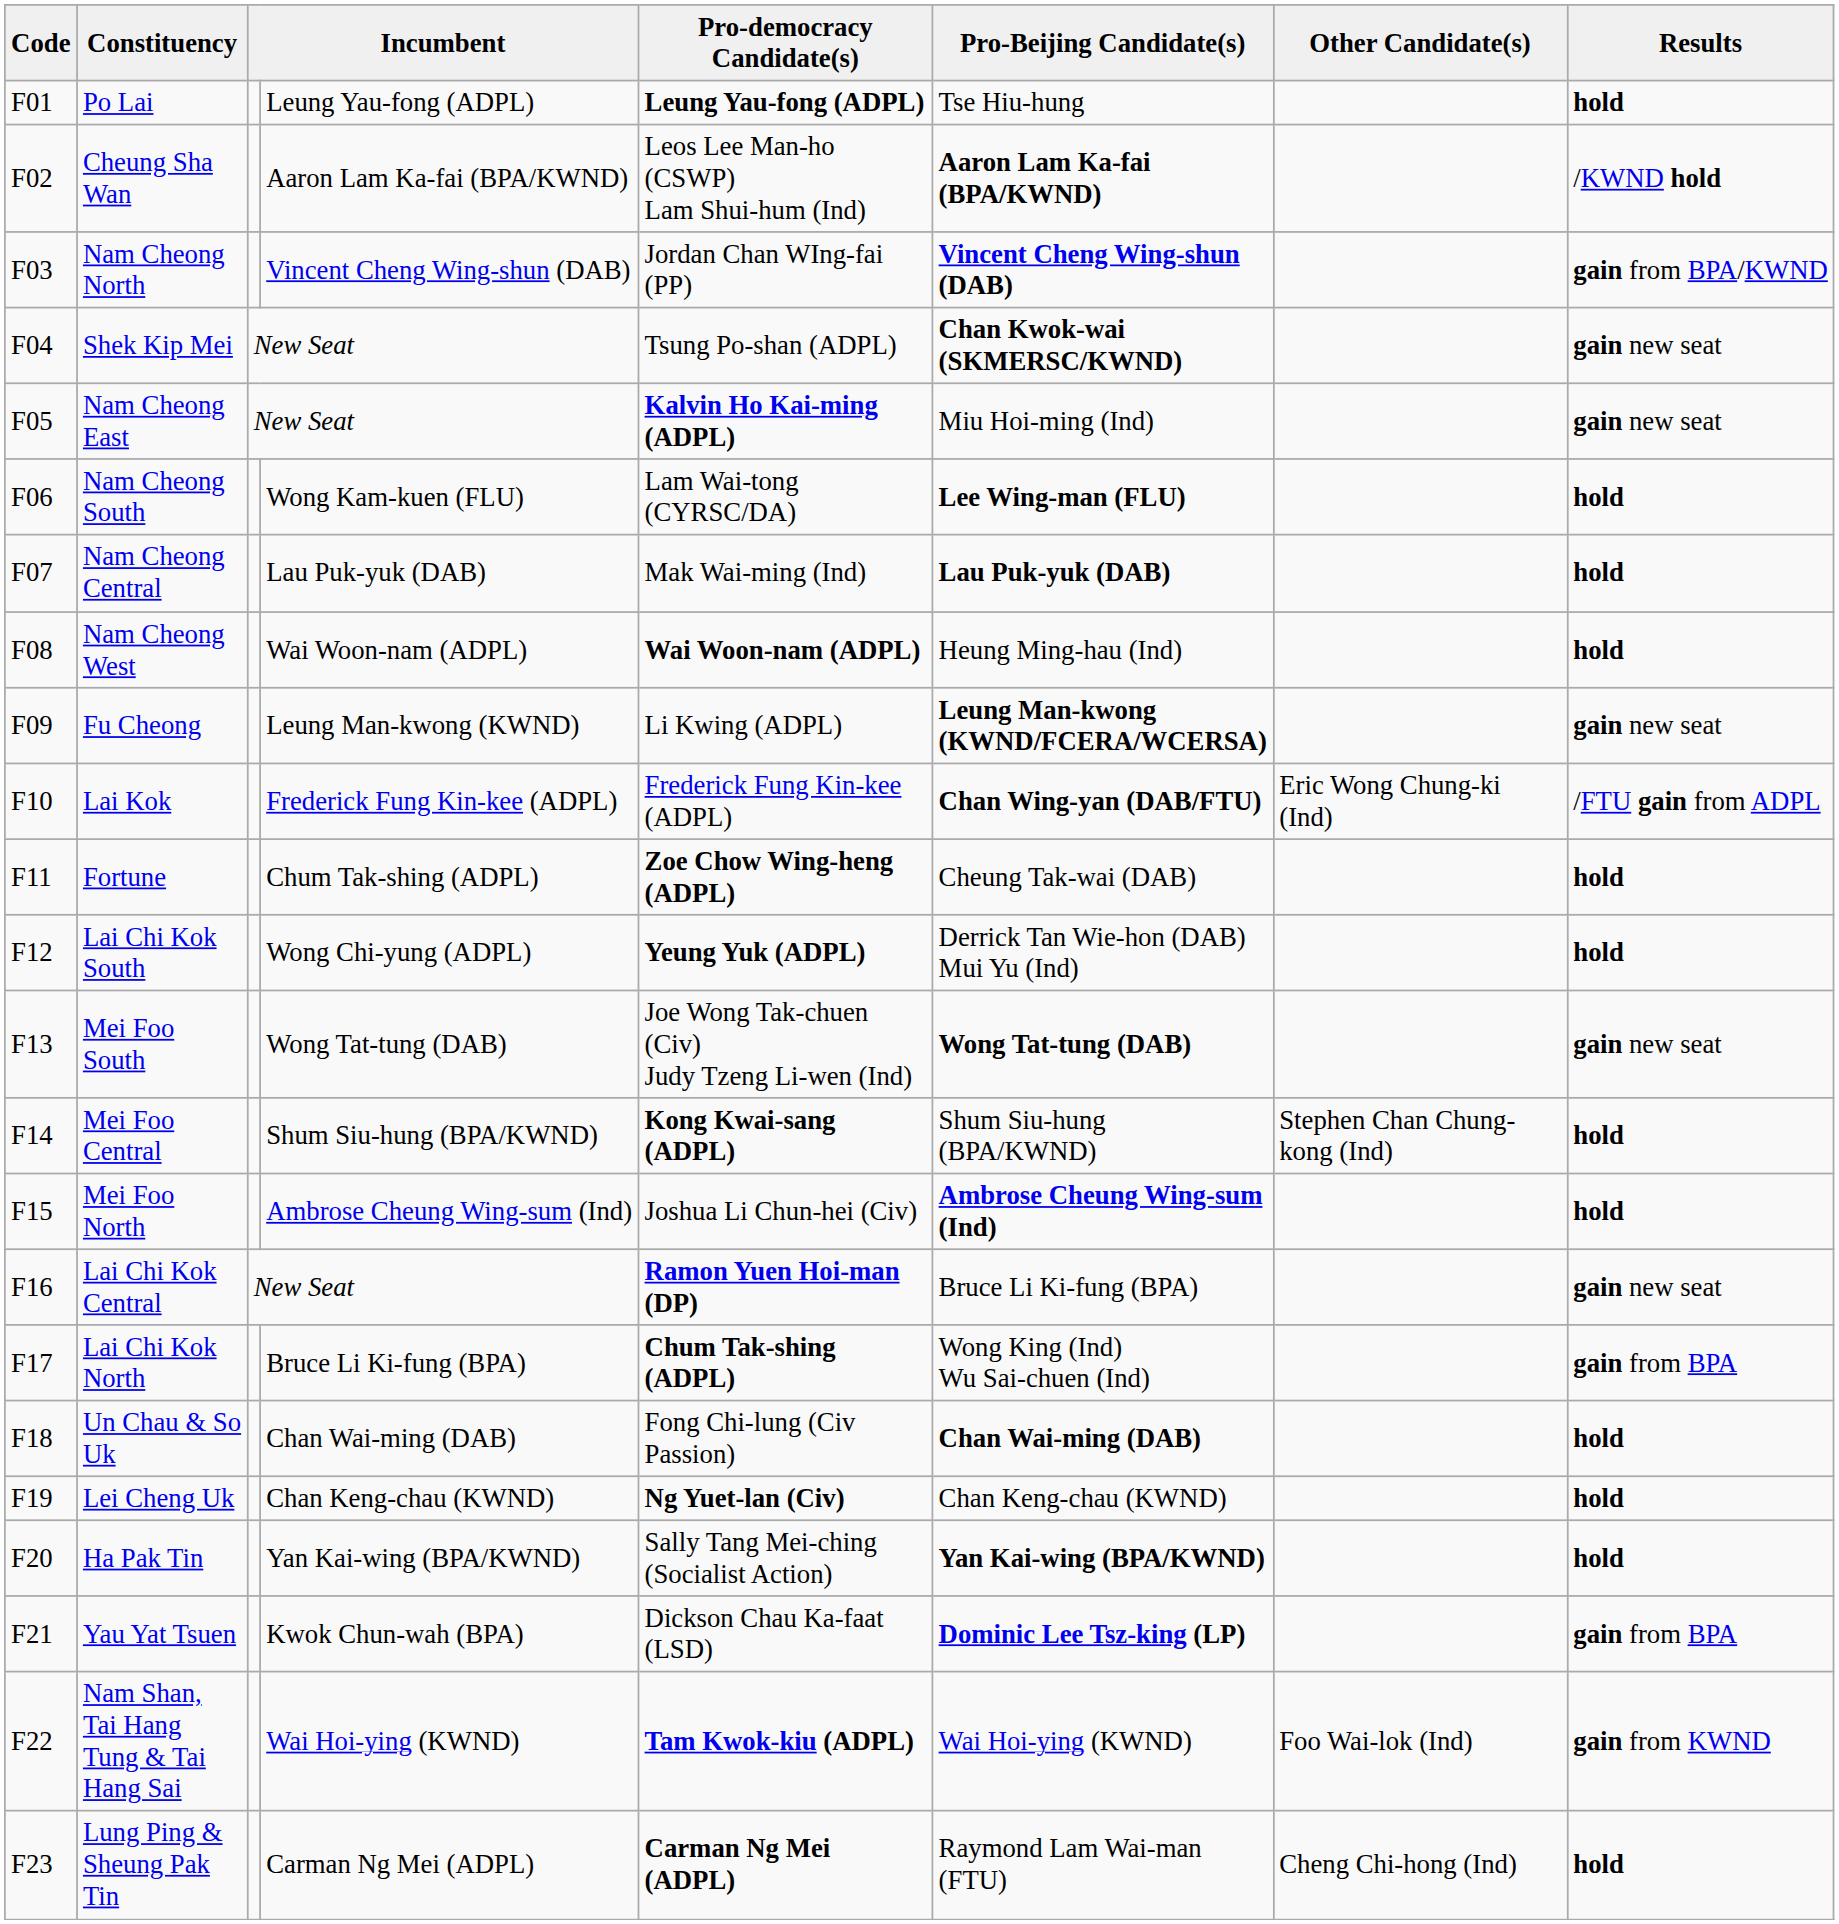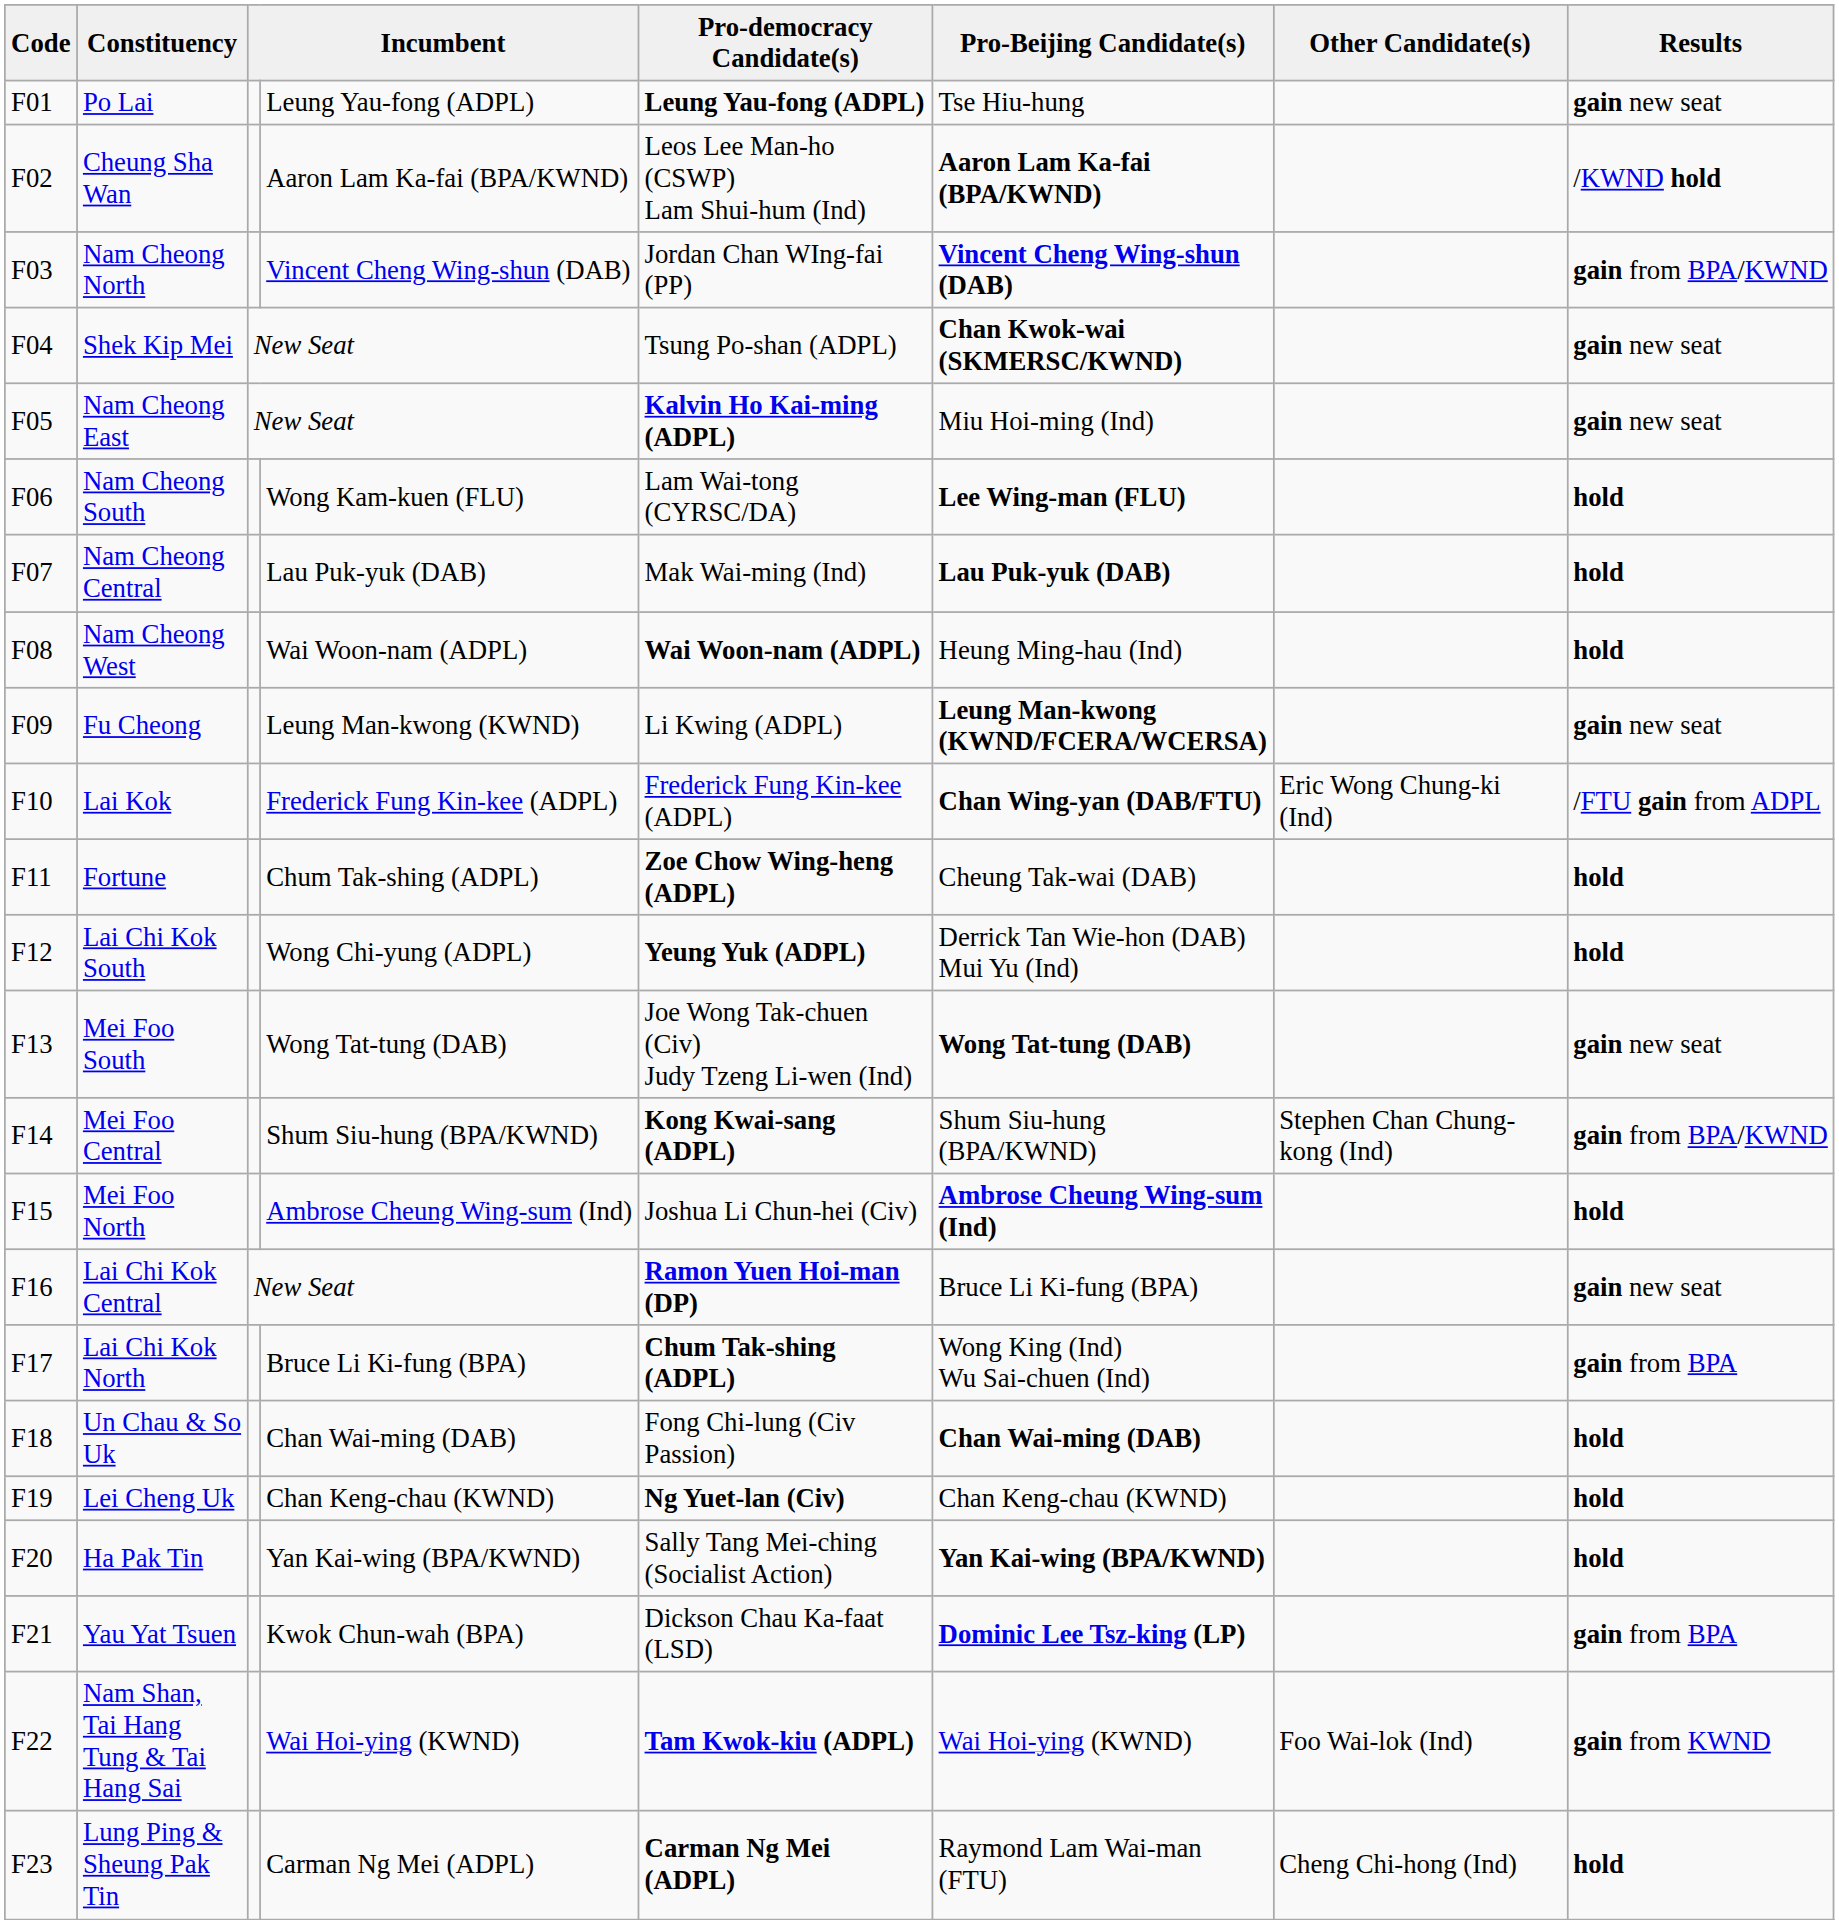 <table class="wikitable sortable" style="font-size: 95%;">
 <tr>
 <th align="center" style="background:#f0f0f0;" width="20px"><strong>Code</strong></th>
 <th align="center" style="background:#f0f0f0;" width="90px"><strong>Constituency</strong></th>
 <th align="center" style="background:#f0f0f0;" width="120px" colspan=2><strong>Incumbent</strong></th>
 <th align="center" style="background:#f0f0f0;" width="160px"><strong>Pro-democracy Candidate(s)</strong></th>
 <th align="center" style="background:#f0f0f0;" width="160px"><strong>Pro-Beijing Candidate(s)</strong></th>
 <th align="center" style="background:#f0f0f0;" width="160px"><strong>Other Candidate(s)</strong></th>
 <th align="center" style="background:#f0f0f0;" width="100px" colspan="2"><strong>Results</strong></th>
 </tr>
 <tr>
 <td>F01</td>
 <td><a href='#'>Po Lai</a></td>
 <td></td>
 <td>Leung Yau-fong (ADPL)</td>
 <td><strong>Leung Yau-fong (ADPL)</strong></td>
 <td>Tse Hiu-hung</td>
 <td></td>
-<td> <strong>hold</strong></td>
+<td> <strong>gain</strong> new seat</td>
 </tr>
 <tr>
 <td>F02</td>
 <td><a href='#'>Cheung Sha Wan</a></td>
 <td></td>
 <td>Aaron Lam Ka-fai (BPA/KWND)</td>
 <td>Leos Lee Man-ho (CSWP)<br>Lam Shui-hum (Ind)</td>
 <td><strong>Aaron Lam Ka-fai (BPA/KWND)</strong></td>
 <td></td>
 <td>/<a href='#'>KWND</a> <strong>hold</strong></td>
 </tr>
 <tr>
 <td>F03</td>
 <td><a href='#'>Nam Cheong North</a></td>
 <td></td>
 <td><a href='#'>Vincent Cheng Wing-shun</a> (DAB)</td>
 <td>Jordan Chan WIng-fai (PP)</td>
 <td><strong><a href='#'>Vincent Cheng Wing-shun</a> (DAB)</strong></td>
 <td></td>
 <td> <strong>gain</strong> from <a href='#'>BPA</a>/<a href='#'>KWND</a></td>
 </tr>
 <tr>
 <td>F04</td>
 <td><a href='#'>Shek Kip Mei</a></td>
 <td colspan=2><em>New Seat</em></td>
 <td>Tsung Po-shan (ADPL)</td>
 <td><strong>Chan Kwok-wai (SKMERSC/KWND)</strong></td>
 <td></td>
 <td> <strong>gain</strong> new seat</td>
 </tr>
 <tr>
 <td>F05</td>
 <td><a href='#'>Nam Cheong East</a></td>
 <td colspan=2><em>New Seat</em></td>
 <td><strong><a href='#'>Kalvin Ho Kai-ming</a> (ADPL)</strong></td>
 <td>Miu Hoi-ming (Ind)</td>
 <td></td>
 <td> <strong>gain</strong> new seat</td>
 </tr>
 <tr>
 <td>F06</td>
 <td><a href='#'>Nam Cheong South</a></td>
 <td></td>
 <td>Wong Kam-kuen (FLU)</td>
 <td>Lam Wai-tong (CYRSC/DA)</td>
 <td><strong>Lee Wing-man (FLU)</strong></td>
 <td></td>
 <td> <strong>hold</strong></td>
 </tr>
 <tr>
 <td>F07</td>
 <td><a href='#'>Nam Cheong Central</a></td>
 <td></td>
 <td>Lau Puk-yuk (DAB)</td>
 <td>Mak Wai-ming (Ind)</td>
 <td><strong>Lau Puk-yuk (DAB)</strong></td>
 <td></td>
 <td> <strong>hold</strong></td>
 </tr>
 <tr>
 <td>F08</td>
 <td><a href='#'>Nam Cheong West</a></td>
 <td></td>
 <td>Wai Woon-nam (ADPL)</td>
 <td><strong>Wai Woon-nam (ADPL)</strong></td>
 <td>Heung Ming-hau (Ind)</td>
 <td></td>
 <td> <strong>hold</strong></td>
 </tr>
 <tr>
 <td>F09</td>
 <td><a href='#'>Fu Cheong</a></td>
 <td></td>
 <td>Leung Man-kwong (KWND)</td>
 <td>Li Kwing (ADPL)</td>
 <td><strong>Leung Man-kwong (KWND/FCERA/WCERSA)</strong></td>
 <td></td>
 <td> <strong>gain</strong> new seat</td>
 </tr>
 <tr>
 <td>F10</td>
 <td><a href='#'>Lai Kok</a></td>
 <td></td>
 <td><a href='#'>Frederick Fung Kin-kee</a> (ADPL)</td>
 <td><a href='#'>Frederick Fung Kin-kee</a> (ADPL)</td>
 <td><strong>Chan Wing-yan (DAB/FTU)</strong></td>
 <td>Eric Wong Chung-ki (Ind)</td>
 <td>/<a href='#'>FTU</a> <strong>gain</strong> from <a href='#'>ADPL</a></td>
 </tr>
 <tr>
 <td>F11</td>
 <td><a href='#'>Fortune</a></td>
 <td></td>
 <td>Chum Tak-shing (ADPL)</td>
 <td><strong>Zoe Chow Wing-heng (ADPL)</strong></td>
 <td>Cheung Tak-wai (DAB)</td>
 <td></td>
 <td> <strong>hold</strong></td>
 </tr>
 <tr>
 <td>F12</td>
 <td><a href='#'>Lai Chi Kok South</a></td>
 <td></td>
 <td>Wong Chi-yung (ADPL)</td>
 <td><strong>Yeung Yuk (ADPL)</strong></td>
 <td>Derrick Tan Wie-hon (DAB)<br>Mui Yu (Ind)</td>
 <td></td>
 <td> <strong>hold</strong></td>
 </tr>
 <tr>
 <td>F13</td>
 <td><a href='#'>Mei Foo South</a></td>
 <td></td>
 <td>Wong Tat-tung (DAB)</td>
 <td>Joe Wong Tak-chuen (Civ)<br>Judy Tzeng Li-wen (Ind)</td>
 <td><strong>Wong Tat-tung (DAB)</strong></td>
 <td></td>
 <td> <strong>gain</strong> new seat</td>
 </tr>
 <tr>
 <td>F14</td>
 <td><a href='#'>Mei Foo Central</a></td>
 <td></td>
 <td>Shum Siu-hung (BPA/KWND)</td>
 <td><strong>Kong Kwai-sang (ADPL)</strong></td>
 <td>Shum Siu-hung (BPA/KWND)</td>
 <td>Stephen Chan Chung-kong (Ind)</td>
-<td> <strong>hold</strong></td>
+<td> <strong>gain</strong> from <a href='#'>BPA</a>/<a href='#'>KWND</a></td>
 </tr>
 <tr>
 <td>F15</td>
 <td><a href='#'>Mei Foo North</a></td>
 <td></td>
 <td><a href='#'>Ambrose Cheung Wing-sum</a> (Ind)</td>
 <td>Joshua Li Chun-hei (Civ)</td>
 <td><strong><a href='#'>Ambrose Cheung Wing-sum</a> (Ind)</strong></td>
 <td></td>
 <td> <strong>hold</strong></td>
 </tr>
 <tr>
 <td>F16</td>
 <td><a href='#'>Lai Chi Kok Central</a></td>
 <td colspan=2><em>New Seat</em></td>
 <td><strong><a href='#'>Ramon Yuen Hoi-man</a> (DP)</strong></td>
 <td>Bruce Li Ki-fung (BPA)</td>
 <td></td>
 <td> <strong>gain</strong> new seat</td>
 </tr>
 <tr>
 <td>F17</td>
 <td><a href='#'>Lai Chi Kok North</a></td>
 <td></td>
 <td>Bruce Li Ki-fung (BPA)</td>
 <td><strong>Chum Tak-shing (ADPL)</strong></td>
 <td>Wong King (Ind)<br>Wu Sai-chuen (Ind)</td>
 <td></td>
 <td> <strong>gain</strong> from <a href='#'>BPA</a></td>
 </tr>
 <tr>
 <td>F18</td>
 <td><a href='#'>Un Chau & So Uk</a></td>
 <td></td>
 <td>Chan Wai-ming (DAB)</td>
 <td>Fong Chi-lung (Civ Passion)</td>
 <td><strong>Chan Wai-ming (DAB)</strong></td>
 <td></td>
 <td> <strong>hold</strong></td>
 </tr>
 <tr>
 <td>F19</td>
 <td><a href='#'>Lei Cheng Uk</a></td>
 <td></td>
 <td>Chan Keng-chau (KWND)</td>
 <td><strong>Ng Yuet-lan (Civ)</strong></td>
 <td>Chan Keng-chau (KWND)</td>
 <td></td>
 <td> <strong>hold</strong></td>
 </tr>
 <tr>
 <td>F20</td>
 <td><a href='#'>Ha Pak Tin</a></td>
 <td></td>
 <td>Yan Kai-wing (BPA/KWND)</td>
 <td>Sally Tang Mei-ching (Socialist Action)</td>
 <td><strong>Yan Kai-wing (BPA/KWND)</strong></td>
 <td></td>
 <td> <strong>hold</strong></td>
 </tr>
 <tr>
 <td>F21</td>
 <td><a href='#'>Yau Yat Tsuen</a></td>
 <td></td>
 <td>Kwok Chun-wah (BPA)</td>
 <td>Dickson Chau Ka-faat (LSD)</td>
 <td><strong><a href='#'>Dominic Lee Tsz-king</a> (LP)</strong></td>
 <td></td>
 <td> <strong>gain</strong> from <a href='#'>BPA</a></td>
 </tr>
 <tr>
 <td>F22</td>
 <td><a href='#'>Nam Shan, Tai Hang Tung & Tai Hang Sai</a></td>
 <td></td>
 <td><a href='#'>Wai Hoi-ying</a> (KWND)</td>
 <td><strong><a href='#'>Tam Kwok-kiu</a> (ADPL)</strong></td>
 <td><a href='#'>Wai Hoi-ying</a> (KWND)</td>
 <td>Foo Wai-lok (Ind)</td>
 <td> <strong>gain</strong> from <a href='#'>KWND</a></td>
 </tr>
 <tr>
 <td>F23</td>
 <td><a href='#'>Lung Ping & Sheung Pak Tin</a></td>
 <td></td>
 <td>Carman Ng Mei (ADPL)</td>
 <td><strong>Carman Ng Mei (ADPL)</strong></td>
 <td>Raymond Lam Wai-man (FTU)</td>
 <td>Cheng Chi-hong (Ind)</td>
 <td> <strong>hold</strong></td>
 </tr>
 <tr>
 </tr>
 </table>
